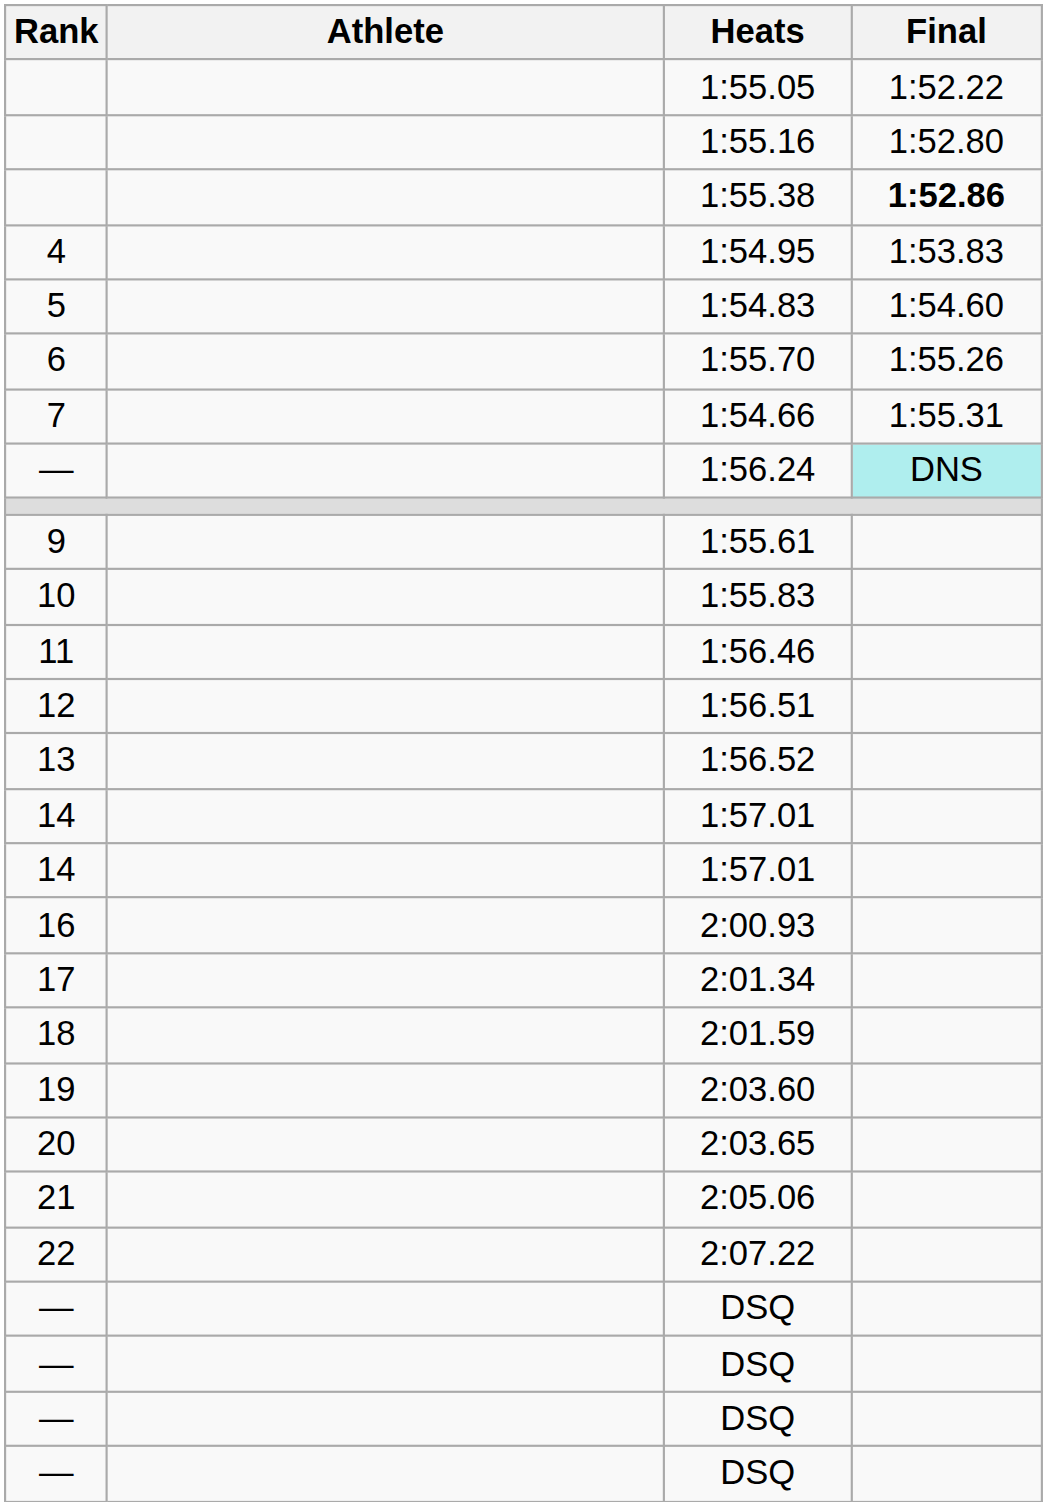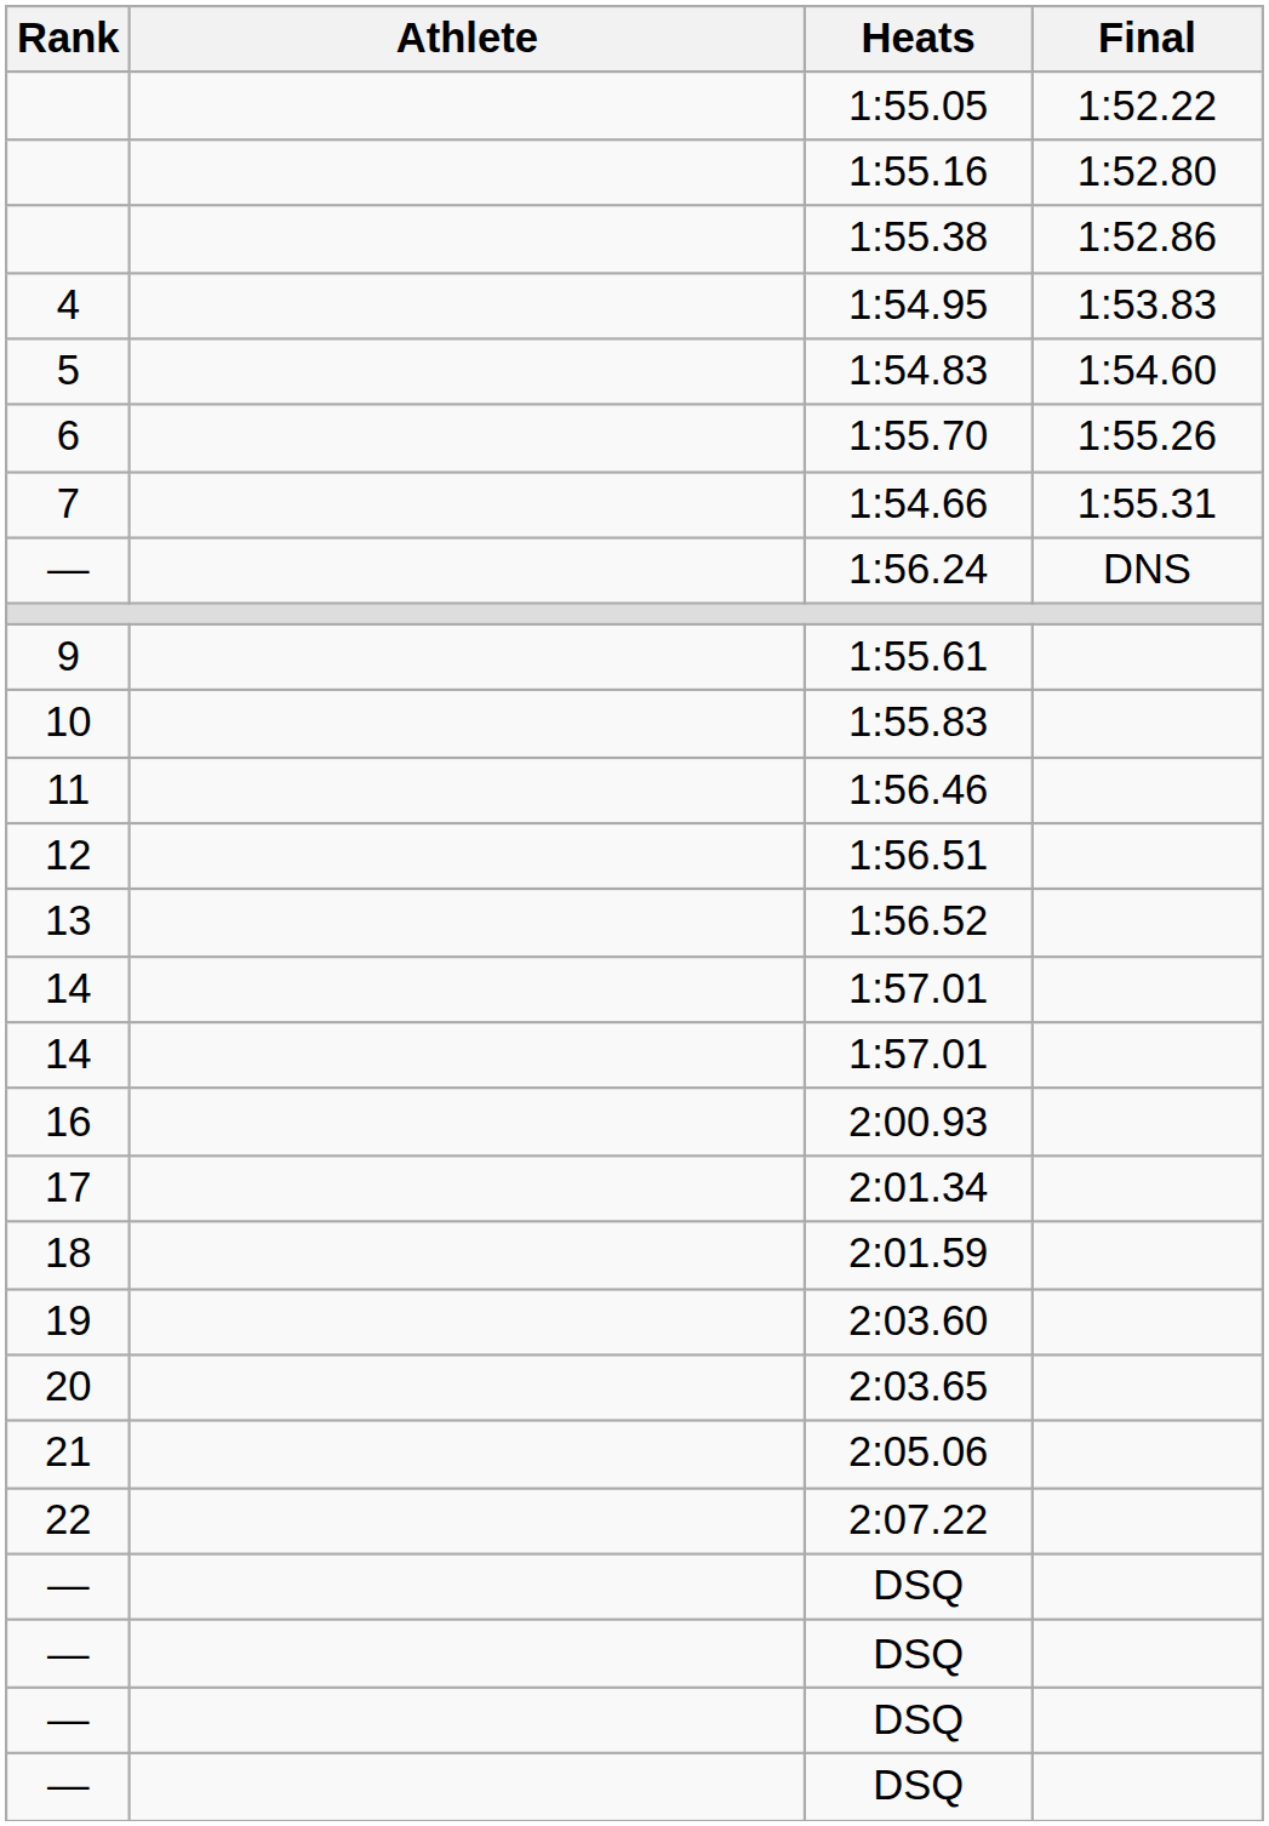 <table class=wikitable style="text-align:center">
 <tr>
 <th width=40>Rank</th>
 <th width=250>Athlete</th>
 <th width=80>Heats</th>
 <th width=80>Final</th>
 </tr>
 <tr>
 <td></td>
 <td align=left></td>
 <td>1:55.05</td>
 <td>1:52.22</td>
 </tr>
 <tr>
 <td></td>
 <td align=left></td>
 <td>1:55.16</td>
 <td>1:52.80</td>
 </tr>
 <tr>
 <td></td>
 <td align=left></td>
 <td>1:55.38</td>
-<td><strong>1:52.86</strong></td>
+<td>1:52.86</td>
 </tr>
 <tr>
 <td>4</td>
 <td align=left></td>
 <td>1:54.95</td>
 <td>1:53.83</td>
 </tr>
 <tr>
 <td>5</td>
 <td align=left></td>
 <td>1:54.83</td>
 <td>1:54.60</td>
 </tr>
 <tr>
 <td>6</td>
 <td align=left></td>
 <td>1:55.70</td>
 <td>1:55.26</td>
 </tr>
 <tr>
 <td>7</td>
 <td align=left></td>
 <td>1:54.66</td>
 <td>1:55.31</td>
 </tr>
 <tr>
 <td>—</td>
 <td align=left></td>
 <td>1:56.24 </td>
-<td style="background: paleturquoise;">DNS</td>
+<td>DNS</td>
 </tr>
 <tr bgcolor=#DDDDDD>
 <td colspan=4></td>
 </tr>
 <tr>
 <td>9</td>
 <td align=left></td>
 <td>1:55.61 </td>
 <td></td>
 </tr>
 <tr>
 <td>10</td>
 <td align=left></td>
 <td>1:55.83</td>
 <td></td>
 </tr>
 <tr>
 <td>11</td>
 <td align=left></td>
 <td>1:56.46</td>
 <td></td>
 </tr>
 <tr>
 <td>12</td>
 <td align=left></td>
 <td>1:56.51</td>
 <td></td>
 </tr>
 <tr>
 <td>13</td>
 <td align=left></td>
 <td>1:56.52</td>
 <td></td>
 </tr>
 <tr>
 <td>14</td>
 <td align=left></td>
 <td>1:57.01</td>
 <td></td>
 </tr>
 <tr>
 <td>14</td>
 <td align=left></td>
 <td>1:57.01</td>
 <td></td>
 </tr>
 <tr>
 <td>16</td>
 <td align=left></td>
 <td>2:00.93</td>
 <td></td>
 </tr>
 <tr>
 <td>17</td>
 <td align=left></td>
 <td>2:01.34</td>
 <td></td>
 </tr>
 <tr>
 <td>18</td>
 <td align=left></td>
 <td>2:01.59</td>
 <td></td>
 </tr>
 <tr>
 <td>19</td>
 <td align=left></td>
 <td>2:03.60</td>
 <td></td>
 </tr>
 <tr>
 <td>20</td>
 <td align=left></td>
 <td>2:03.65</td>
 <td></td>
 </tr>
 <tr>
 <td>21</td>
 <td align=left></td>
 <td>2:05.06</td>
 <td></td>
 </tr>
 <tr>
 <td>22</td>
 <td align=left></td>
 <td>2:07.22</td>
 <td></td>
 </tr>
 <tr>
 <td>—</td>
 <td align=left></td>
 <td>DSQ</td>
 <td></td>
 </tr>
 <tr>
 <td>—</td>
 <td align=left></td>
 <td>DSQ</td>
 <td></td>
 </tr>
 <tr>
 <td>—</td>
 <td align=left></td>
 <td>DSQ</td>
 <td></td>
 </tr>
 <tr>
 <td>—</td>
 <td align=left></td>
 <td>DSQ</td>
 <td></td>
 </tr>
 </table>
